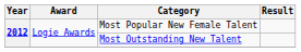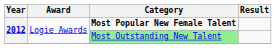 <table class="wikitable plainrowheaders" style="font-size: 95%;">
 <tr>
 <th scope="col">Year</th>
 <th scope="col">Award</th>
 <th scope="col">Category</th>
 <th scope="col">Result</th>
 </tr>
 <tr>
 <th scope="row" rowspan="2"><a href='#'>2012</a></th>
 <td rowspan="2"><a href='#'>Logie Awards</a></td>
-<td>Most Popular New Female Talent</td>
+<td><strong>Most Popular New Female Talent</strong></td>
 <td></td>
 </tr>
 <tr>
-<td><a href='#'>Most Outstanding New Talent</a></td>
+<td style="background: lightgreen;"><a href='#'>Most Outstanding New Talent</a></td>
 <td></td>
 </tr>
 <tr>
 </tr>
 </table>
